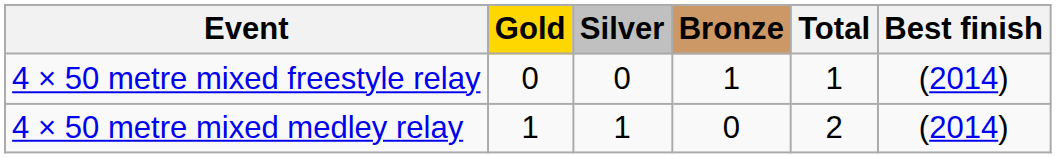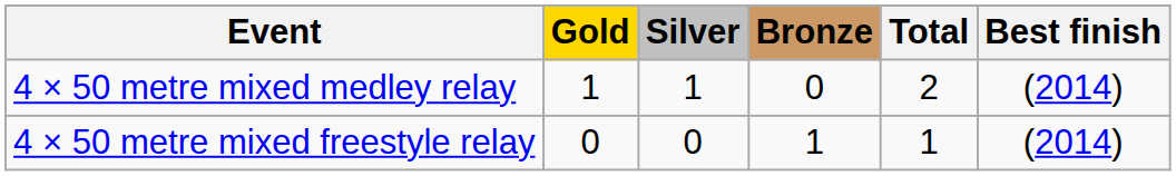 <table class="wikitable sortable" style="text-align:center">
 <tr>
 <th>Event</th>
 <th style="background-color:gold;">Gold</th>
 <th style="background-color:silver;">Silver</th>
 <th style="background-color:#c96;">Bronze</th>
 <th>Total</th>
 <th>Best finish</th>
 </tr>
 <tr>
+<td align=left><a href='#'>4 × 50 metre mixed medley relay</a></td>
+<td>1</td>
+<td>1</td>
+<td>0</td>
+<td>2</td>
+<td> (<a href='#'>2014</a>)</td>
+</tr>
+<tr>
 <td align=left><a href='#'>4 × 50 metre mixed freestyle relay</a></td>
 <td>0</td>
 <td>0</td>
 <td>1</td>
 <td>1</td>
 <td> (<a href='#'>2014</a>)</td>
 </tr>
-<tr>
-<td align=left><a href='#'>4 × 50 metre mixed medley relay</a></td>
-<td>1</td>
-<td>1</td>
-<td>0</td>
-<td>2</td>
-<td> (<a href='#'>2014</a>)</td>
-</tr>
 </table>
